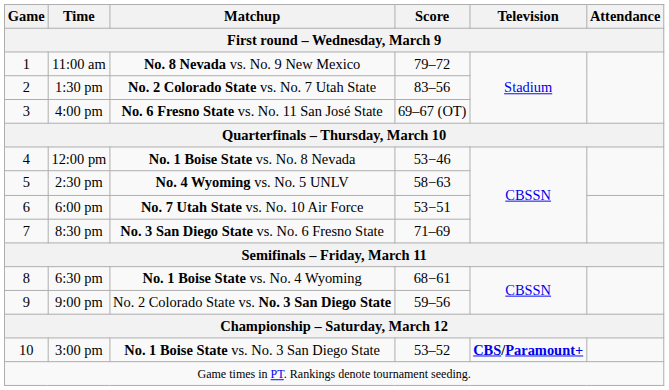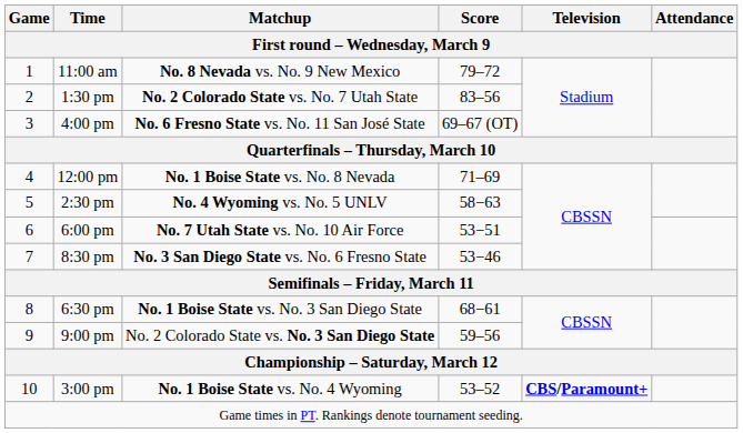 <table class="wikitable" style="font-size: 95%; text-align:center">
 <tr>
 <th>Game</th>
 <th>Time</th>
 <th>Matchup</th>
 <th>Score</th>
 <th>Television</th>
 <th>Attendance</th>
 </tr>
 <tr>
 <th colspan="7">First round – Wednesday, March 9</th>
 </tr>
 <tr>
 <td>1</td>
 <td>11:00 am</td>
 <td><strong>No. 8 Nevada</strong> vs. No. 9 New Mexico</td>
 <td>79–72</td>
 <td rowspan="3"><a href='#'>Stadium</a></td>
 <td rowspan="3"></td>
 </tr>
 <tr>
 <td>2</td>
 <td>1:30 pm</td>
 <td><strong>No. 2 Colorado State</strong> vs. No. 7  Utah State</td>
 <td>83–56</td>
 </tr>
 <tr>
 <td>3</td>
 <td>4:00 pm</td>
 <td><strong>No. 6 Fresno State</strong> vs. No. 11 San José State</td>
 <td>69–67 (OT)</td>
 </tr>
 <tr>
 <th colspan="7">Quarterfinals – Thursday, March 10</th>
 </tr>
 <tr>
 <td>4</td>
 <td>12:00 pm</td>
 <td><strong>No. 1 Boise State</strong> vs. No. 8 Nevada</td>
-<td>53−46</td>
+<td>71–69</td>
 <td rowspan="4"><a href='#'>CBSSN</a></td>
 <td rowspan="2"></td>
 </tr>
 <tr>
 <td>5</td>
 <td>2:30 pm</td>
 <td><strong>No. 4 Wyoming</strong> vs. No. 5 UNLV</td>
 <td>58−63</td>
 </tr>
 <tr>
 <td>6</td>
 <td>6:00 pm</td>
 <td><strong>No. 7 Utah State</strong> vs. No. 10 Air Force</td>
 <td>53−51</td>
 <td rowspan="2"></td>
 </tr>
 <tr>
 <td>7</td>
 <td>8:30 pm</td>
 <td><strong>No. 3 San Diego State</strong> vs. No. 6  Fresno State</td>
-<td>71–69</td>
+<td>53−46</td>
 </tr>
 <tr>
 <th colspan="7">Semifinals – Friday, March 11</th>
 </tr>
 <tr>
 <td>8</td>
 <td>6:30 pm</td>
-<td><strong>No. 1 Boise State</strong> vs. No. 4 Wyoming</td>
+<td><strong>No. 1 Boise State</strong> vs. No. 3 San Diego State</td>
 <td>68−61</td>
 <td rowspan="2"><a href='#'>CBSSN</a></td>
 <td rowspan="2"></td>
 </tr>
 <tr>
 <td>9</td>
 <td>9:00 pm</td>
 <td>No. 2 Colorado State vs. <strong>No. 3 San Diego State</strong></td>
 <td>59–56</td>
 </tr>
 <tr>
 <th colspan="7">Championship – Saturday, March 12</th>
 </tr>
 <tr>
 <td>10</td>
 <td>3:00 pm</td>
-<td><strong>No. 1 Boise State</strong> vs. No. 3 San Diego State</td>
+<td><strong>No. 1 Boise State</strong> vs. No. 4 Wyoming</td>
 <td>53–52</td>
 <td><strong><a href='#'>CBS</a>/<a href='#'>Paramount+</a></strong></td>
 <td></td>
 </tr>
 <tr>
 <td colspan="6"><small>Game times in <a href='#'>PT</a>. Rankings denote tournament seeding.</small></td>
 </tr>
 </table>
